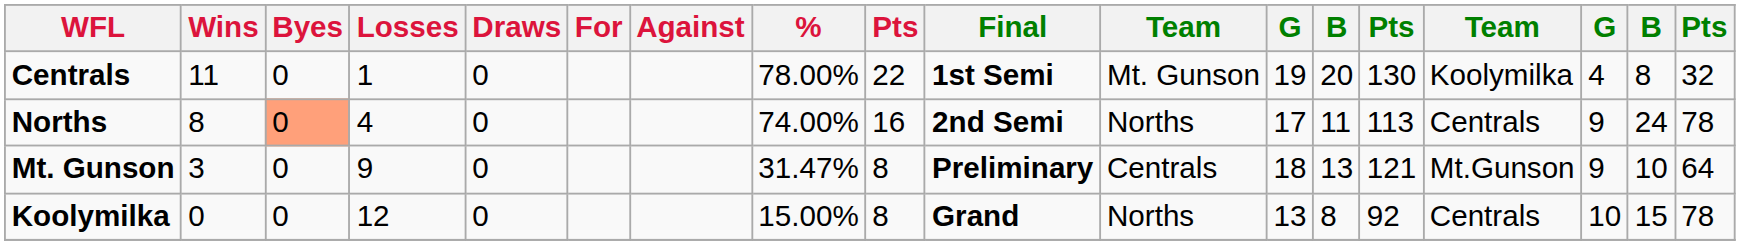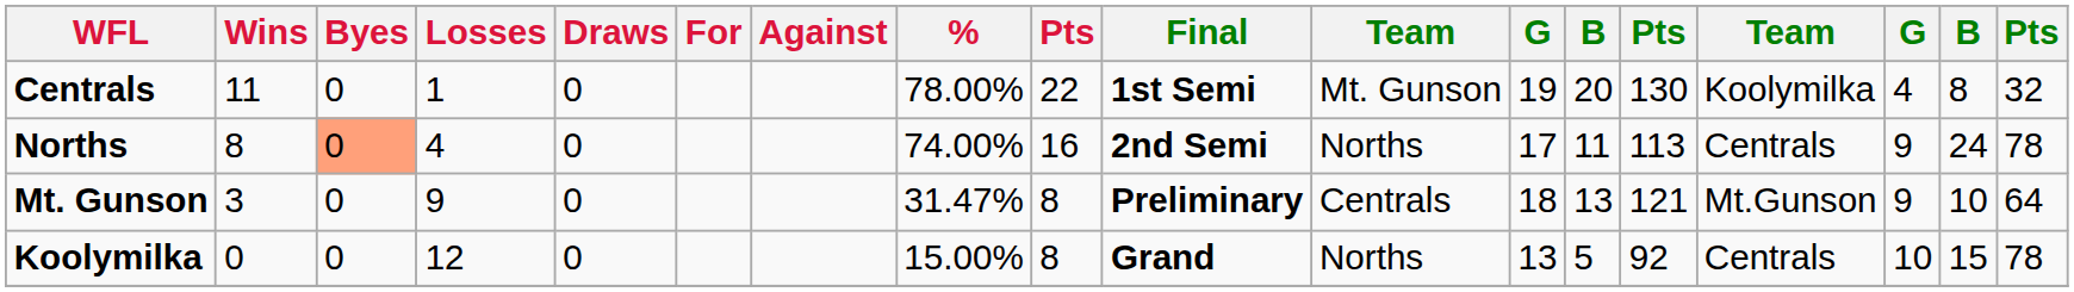 <table class="wikitable">
 <tr>
 <th style="color:crimson">WFL</th>
 <th style="color:crimson">Wins</th>
 <th style="color:crimson">Byes</th>
 <th style="color:crimson">Losses</th>
 <th style="color:crimson">Draws</th>
 <th style="color:crimson">For</th>
 <th style="color:crimson">Against</th>
 <th style="color:crimson">%</th>
 <th style="color:crimson">Pts</th>
 <th style="color:green">Final</th>
 <th style="color:green">Team</th>
 <th style="color:green">G</th>
 <th style="color:green">B</th>
 <th style="color:green">Pts</th>
 <th style="color:green">Team</th>
 <th style="color:green">G</th>
 <th style="color:green">B</th>
 <th style="color:green">Pts</th>
 </tr>
 <tr>
 <td><strong>	Centrals	</strong></td>
 <td>11</td>
 <td>0</td>
 <td>1</td>
 <td>0</td>
 <td></td>
 <td></td>
 <td>78.00%</td>
 <td>22</td>
 <td><strong>1st Semi</strong></td>
 <td>Mt. Gunson</td>
 <td>19</td>
 <td>20</td>
 <td>130</td>
 <td>Koolymilka</td>
 <td>4</td>
 <td>8</td>
 <td>32</td>
 </tr>
 <tr>
 <td><strong>	Norths	</strong></td>
 <td>8</td>
 <td style="background: lightsalmon;">0</td>
 <td>4</td>
 <td>0</td>
 <td></td>
 <td></td>
 <td>74.00%</td>
 <td>16</td>
 <td><strong>2nd Semi</strong></td>
 <td>Norths</td>
 <td>17</td>
 <td>11</td>
 <td>113</td>
 <td>Centrals</td>
 <td>9</td>
 <td>24</td>
 <td>78</td>
 </tr>
 <tr>
 <td><strong>	Mt. Gunson	</strong></td>
 <td>3</td>
 <td>0</td>
 <td>9</td>
 <td>0</td>
 <td></td>
 <td></td>
 <td>31.47%</td>
 <td>8</td>
 <td><strong>Preliminary</strong></td>
 <td>Centrals</td>
 <td>18</td>
 <td>13</td>
 <td>121</td>
 <td>Mt.Gunson</td>
 <td>9</td>
 <td>10</td>
 <td>64</td>
 </tr>
 <tr>
 <td><strong>	Koolymilka	</strong></td>
 <td>0</td>
 <td>0</td>
 <td>12</td>
 <td>0</td>
 <td></td>
 <td></td>
 <td>15.00%</td>
 <td>8</td>
 <td><strong>Grand</strong></td>
 <td>Norths</td>
 <td>13</td>
-<td>8</td>
+<td>5</td>
 <td>92</td>
 <td>Centrals</td>
 <td>10</td>
 <td>15</td>
 <td>78</td>
 </tr>
 <tr>
 </tr>
 </table>
